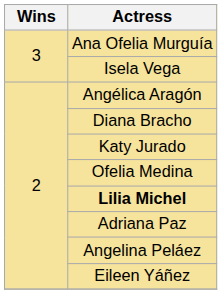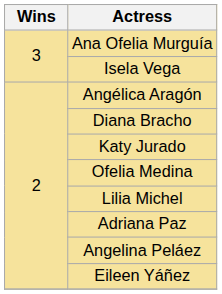 <table class="wikitable" rowspan=2 style="text-align: center; background: #f6e39c">
 <tr>
 <th scope="col" width="55">Wins</th>
 <th scope="col" align="center">Actress</th>
 </tr>
 <tr>
 <td rowspan=2 style="text-align:center;">3</td>
 <td>Ana Ofelia Murguía</td>
 </tr>
 <tr>
 <td>Isela Vega</td>
 </tr>
 <tr>
 <td rowspan=8 style="text-align:center;">2</td>
 <td>Angélica Aragón</td>
 </tr>
 <tr>
 <td>Diana Bracho</td>
 </tr>
 <tr>
 <td>Katy Jurado</td>
 </tr>
 <tr>
 <td>Ofelia Medina</td>
 </tr>
 <tr>
-<td><strong>Lilia Michel</strong></td>
+<td>Lilia Michel</td>
 </tr>
 <tr>
 <td>Adriana Paz</td>
 </tr>
 <tr>
 <td>Angelina Peláez</td>
 </tr>
 <tr>
 <td>Eileen Yáñez</td>
 </tr>
 <tr>
 </tr>
 </table>
